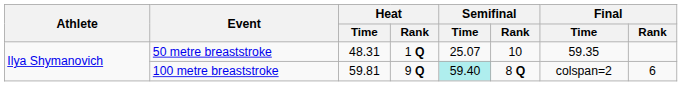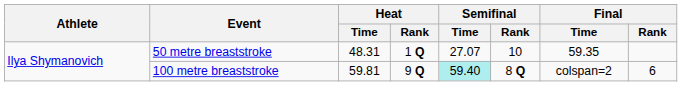 <table class="wikitable" style="text-align:center; font-size:90%; width:50%;">
 <tr>
 <th rowspan="2">Athlete</th>
 <th rowspan="2">Event</th>
 <th colspan="2">Heat</th>
 <th colspan="2">Semifinal</th>
 <th colspan="2">Final</th>
 </tr>
 <tr style="font-size:95%">
 <th>Time</th>
 <th>Rank</th>
 <th>Time</th>
 <th>Rank</th>
 <th>Time</th>
 <th>Rank</th>
 </tr>
 <tr align=center>
 <td align=left  rowspan=2><a href='#'>Ilya Shymanovich</a></td>
 <td align=left><a href='#'>50 metre breaststroke</a></td>
 <td>48.31</td>
 <td>1 <strong>Q</strong></td>
-<td>25.07</td>
+<td>27.07</td>
 <td>10</td>
 <td>59.35</td>
 </tr>
 <tr align=center>
 <td align=left><a href='#'>100 metre breaststroke</a></td>
 <td>59.81</td>
 <td>9 <strong>Q</strong></td>
 <td style="background: paleturquoise;">59.40</td>
 <td>8 <strong>Q</strong></td>
 <td>colspan=2   </td>
 <td>6</td>
 </tr>
 </table>
